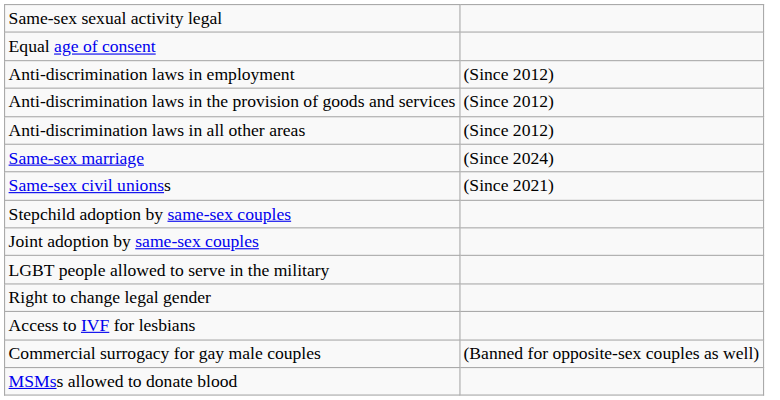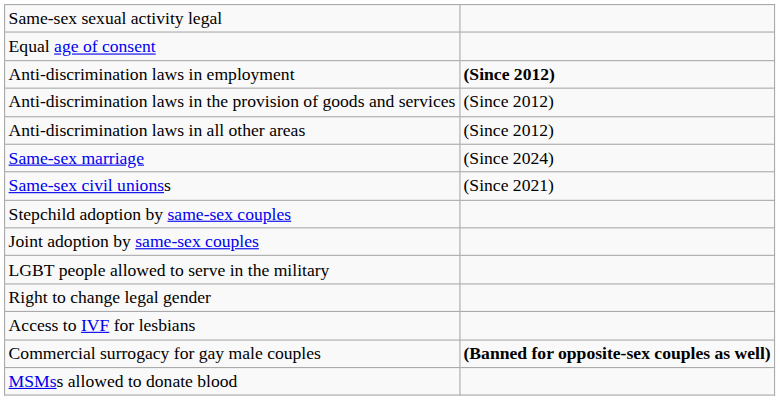 <table class="wikitable">
 <tr>
 <td>Same-sex sexual activity legal</td>
 <td></td>
 </tr>
 <tr>
 <td>Equal <a href='#'>age of consent</a></td>
 <td></td>
 </tr>
 <tr>
 <td>Anti-discrimination laws in employment</td>
-<td> (Since 2012)</td>
+<td><strong> (Since 2012)</strong></td>
 </tr>
 <tr>
 <td>Anti-discrimination laws in the provision of goods and services</td>
 <td> (Since 2012)</td>
 </tr>
 <tr>
 <td>Anti-discrimination laws in all other areas</td>
 <td> (Since 2012)</td>
 </tr>
 <tr>
 <td><a href='#'>Same-sex marriage</a></td>
 <td> (Since 2024)</td>
 </tr>
 <tr>
 <td><a href='#'>Same-sex civil unions</a>s</td>
 <td> (Since 2021)</td>
 </tr>
 <tr>
 <td>Stepchild adoption by <a href='#'>same-sex couples</a></td>
 <td></td>
 </tr>
 <tr>
 <td>Joint adoption by <a href='#'>same-sex couples</a></td>
 <td></td>
 </tr>
 <tr>
 <td>LGBT people allowed to serve in the military</td>
 <td></td>
 </tr>
 <tr>
 <td>Right to change legal gender</td>
 <td></td>
 </tr>
 <tr>
 <td>Access to <a href='#'>IVF</a> for lesbians</td>
 <td></td>
 </tr>
 <tr>
 <td>Commercial surrogacy for gay male couples</td>
-<td> (Banned for opposite-sex couples as well)</td>
+<td><strong> (Banned for opposite-sex couples as well)</strong></td>
 </tr>
 <tr>
 <td><a href='#'>MSMs</a>s allowed to donate blood</td>
 <td></td>
 </tr>
 </table>
